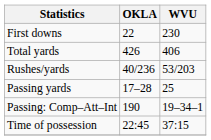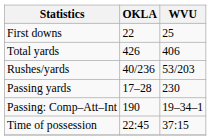 <table class="wikitable" style="float: left;">
 <tr>
 <th>Statistics</th>
 <th>OKLA</th>
 <th>WVU</th>
 </tr>
 <tr>
 <td>First downs</td>
 <td>22</td>
-<td>230</td>
+<td>25</td>
 </tr>
 <tr>
 <td>Total yards</td>
 <td>426</td>
 <td>406</td>
 </tr>
 <tr>
 <td>Rushes/yards</td>
 <td>40/236</td>
 <td>53/203</td>
 </tr>
 <tr>
 <td>Passing yards</td>
 <td>17–28</td>
-<td>25</td>
+<td>230</td>
 </tr>
 <tr>
 <td>Passing: Comp–Att–Int</td>
 <td>190</td>
 <td>19–34–1</td>
 </tr>
 <tr>
 <td>Time of possession</td>
 <td>22:45</td>
 <td>37:15</td>
 </tr>
 <tr>
 </tr>
 </table>
